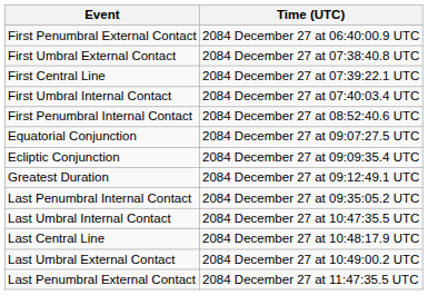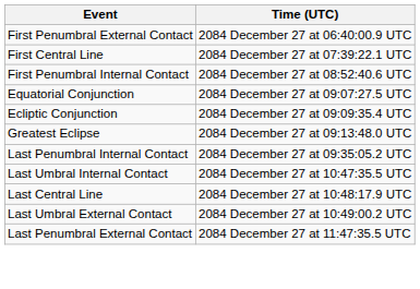 <table class="wikitable">
 <tr>
 <th>Event</th>
 <th>Time (UTC)</th>
 </tr>
 <tr>
 <td>First Penumbral External Contact</td>
 <td>2084 December 27 at 06:40:00.9 UTC</td>
 </tr>
 <tr>
-<td>First Umbral External Contact</td>
-<td>2084 December 27 at 07:38:40.8 UTC</td>
-</tr>
-<tr>
 <td>First Central Line</td>
 <td>2084 December 27 at 07:39:22.1 UTC</td>
-</tr>
-<tr>
-<td>First Umbral Internal Contact</td>
-<td>2084 December 27 at 07:40:03.4 UTC</td>
 </tr>
 <tr>
 <td>First Penumbral Internal Contact</td>
 <td>2084 December 27 at 08:52:40.6 UTC</td>
 </tr>
 <tr>
 <td>Equatorial Conjunction</td>
 <td>2084 December 27 at 09:07:27.5 UTC</td>
 </tr>
 <tr>
 <td>Ecliptic Conjunction</td>
 <td>2084 December 27 at 09:09:35.4 UTC</td>
 </tr>
 <tr>
-<td>Greatest Duration</td>
-<td>2084 December 27 at 09:12:49.1 UTC</td>
+<td>Greatest Eclipse</td>
+<td>2084 December 27 at 09:13:48.0 UTC</td>
 </tr>
 <tr>
 <td>Last Penumbral Internal Contact</td>
 <td>2084 December 27 at 09:35:05.2 UTC</td>
 </tr>
 <tr>
 <td>Last Umbral Internal Contact</td>
 <td>2084 December 27 at 10:47:35.5 UTC</td>
 </tr>
 <tr>
 <td>Last Central Line</td>
 <td>2084 December 27 at 10:48:17.9 UTC</td>
 </tr>
 <tr>
 <td>Last Umbral External Contact</td>
 <td>2084 December 27 at 10:49:00.2 UTC</td>
 </tr>
 <tr>
 <td>Last Penumbral External Contact</td>
 <td>2084 December 27 at 11:47:35.5 UTC</td>
 </tr>
 </table>
